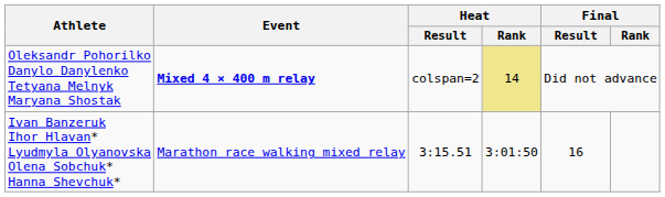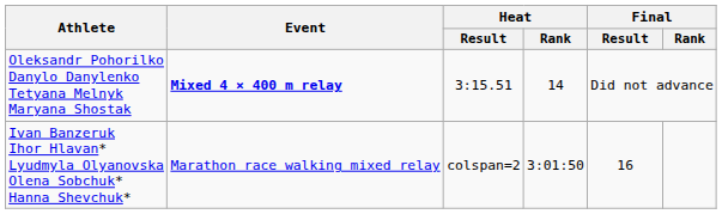 <table class="wikitable" style="text-align:center; font-size:90%">
 <tr>
 <th rowspan=2>Athlete</th>
 <th rowspan=2>Event</th>
 <th colspan=2>Heat</th>
 <th colspan=2>Final</th>
 </tr>
 <tr style="font-size:95%">
 <th>Result</th>
 <th>Rank</th>
 <th>Result</th>
 <th>Rank</th>
 </tr>
 <tr>
 <td align=left><a href='#'>Oleksandr Pohorilko</a><br><a href='#'>Danylo Danylenko</a><br><a href='#'>Tetyana Melnyk</a><br><a href='#'>Maryana Shostak</a></td>
 <td align=left><strong><a href='#'>Mixed 4 × 400 m relay</a></strong></td>
-<td>colspan=2 </td>
-<td style="background: khaki;">14</td>
+<td>3:15.51</td>
+<td>14</td>
 <td colspan=2>Did not advance</td>
 </tr>
 <tr align=center>
 <td align=left><a href='#'>Ivan Banzeruk</a><br><a href='#'>Ihor Hlavan</a>*<br><a href='#'>Lyudmyla Olyanovska</a><br><a href='#'>Olena Sobchuk</a>*<br><a href='#'>Hanna Shevchuk</a>*</td>
 <td align=left><a href='#'>Marathon race walking mixed relay</a></td>
-<td>3:15.51</td>
+<td>colspan=2 </td>
 <td>3:01:50</td>
 <td>16</td>
 </tr>
 </table>
